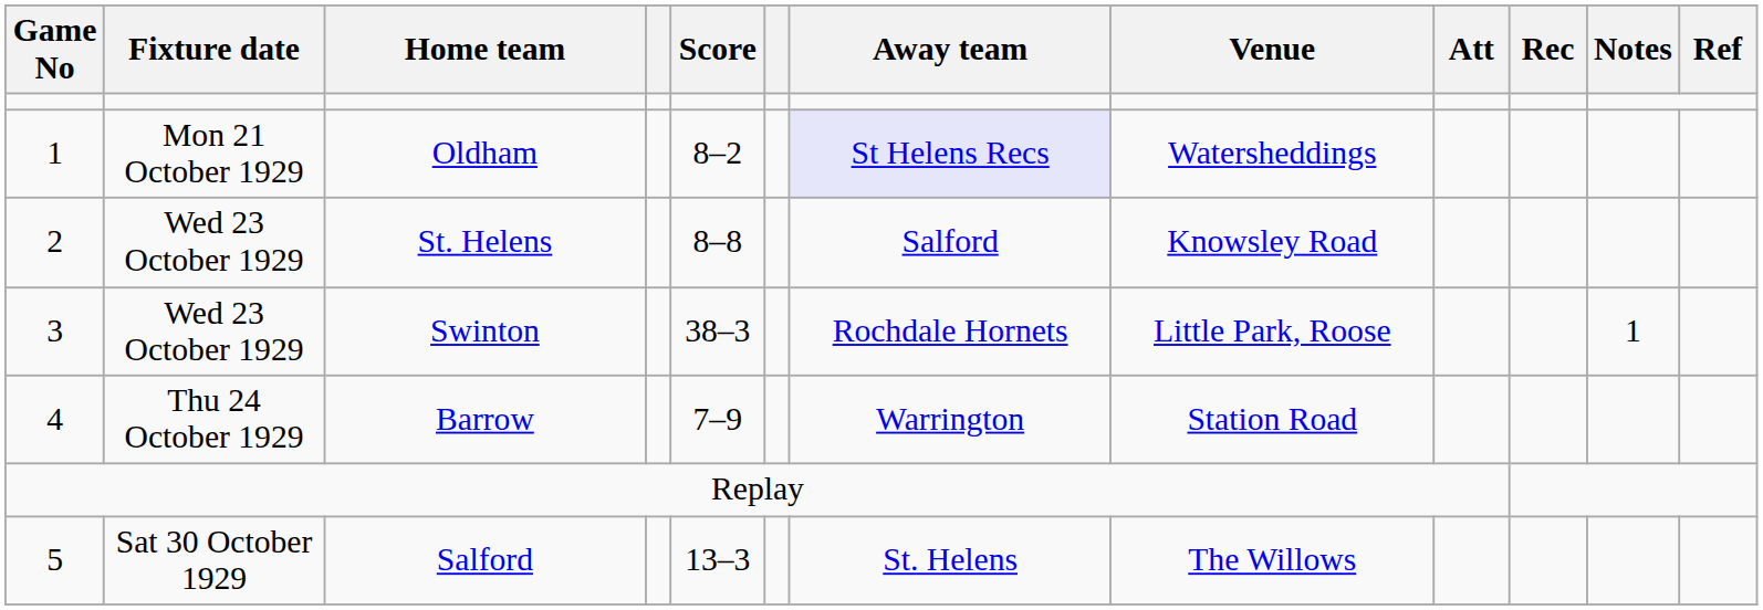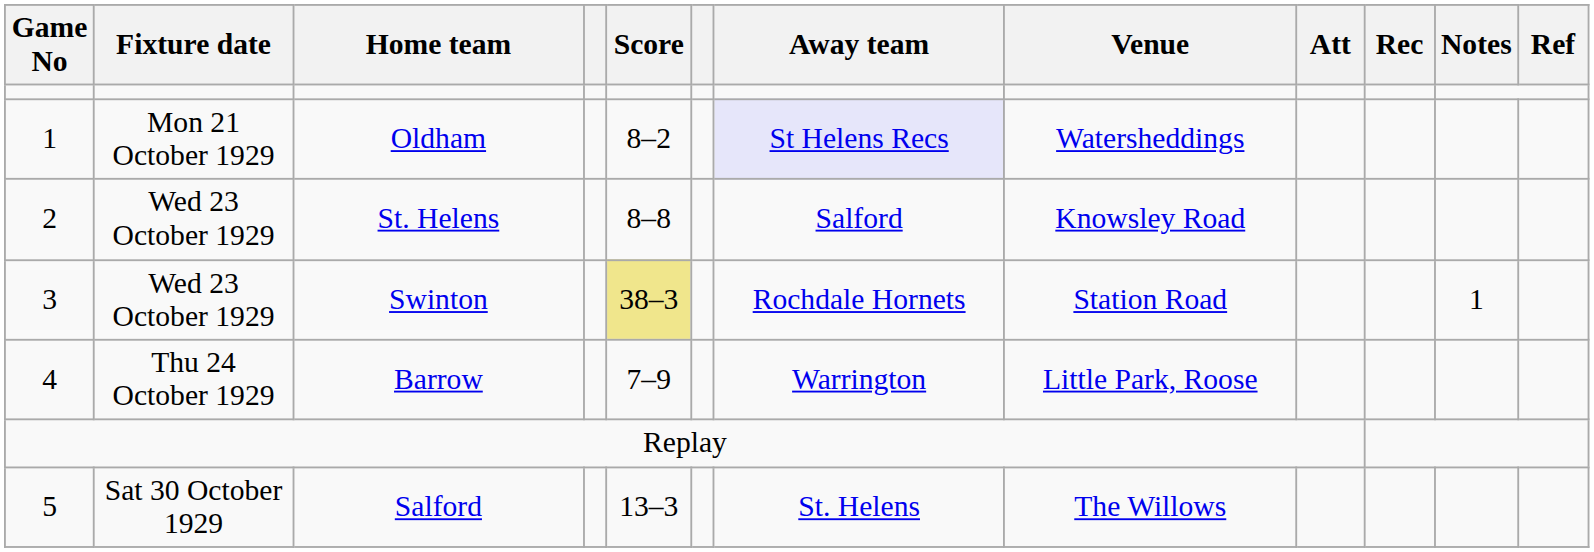 <table class="wikitable" style="text-align:center;">
 <tr>
 <th width=20 abbr="No">Game No</th>
 <th width=100 abbr="Date">Fixture date</th>
 <th width=150 abbr="Home team">Home team</th>
 <th width=5 abbr="space"></th>
 <th width=20 abbr="Score">Score</th>
 <th width=5 abbr="space"></th>
 <th width=150 abbr="Away team">Away team</th>
 <th width=150 abbr="Venue">Venue</th>
 <th width=30 abbr="Att">Att</th>
 <th width=30 abbr="Rec">Rec</th>
 <th width=20 abbr="Notes">Notes</th>
 <th width=30 abbr="Ref">Ref</th>
 </tr>
 <tr>
 <td></td>
 <td></td>
 <td></td>
 <td></td>
 <td></td>
 <td></td>
 <td></td>
 <td></td>
 <td></td>
 <td></td>
 </tr>
 <tr>
 <td>1</td>
 <td>Mon 21 October 1929</td>
 <td><a href='#'>Oldham</a></td>
 <td></td>
 <td>8–2</td>
 <td></td>
 <td style="background: lavender;"><a href='#'>St Helens Recs</a></td>
 <td><a href='#'>Watersheddings</a></td>
 <td></td>
 <td></td>
 <td></td>
 <td></td>
 </tr>
 <tr>
 <td>2</td>
 <td>Wed 23 October 1929</td>
 <td><a href='#'>St. Helens</a></td>
 <td></td>
 <td>8–8</td>
 <td></td>
 <td><a href='#'>Salford</a></td>
 <td><a href='#'>Knowsley Road</a></td>
 <td></td>
 <td></td>
 <td></td>
 <td></td>
 </tr>
 <tr>
 <td>3</td>
 <td>Wed 23 October 1929</td>
 <td><a href='#'>Swinton</a></td>
 <td></td>
-<td>38–3</td>
+<td style="background: khaki;">38–3</td>
 <td></td>
 <td><a href='#'>Rochdale Hornets</a></td>
-<td><a href='#'>Little Park, Roose</a></td>
+<td><a href='#'>Station Road</a></td>
 <td></td>
 <td></td>
 <td>1</td>
 <td></td>
 </tr>
 <tr>
 <td>4</td>
 <td>Thu 24 October 1929</td>
 <td><a href='#'>Barrow</a></td>
 <td></td>
 <td>7–9</td>
 <td></td>
 <td><a href='#'>Warrington</a></td>
-<td><a href='#'>Station Road</a></td>
+<td><a href='#'>Little Park, Roose</a></td>
 <td></td>
 <td></td>
 <td></td>
 <td></td>
 </tr>
 <tr>
 <td colspan=9>Replay</td>
 </tr>
 <tr>
 <td>5</td>
 <td>Sat 30 October 1929</td>
 <td><a href='#'>Salford</a></td>
 <td></td>
 <td>13–3</td>
 <td></td>
 <td><a href='#'>St. Helens</a></td>
 <td><a href='#'>The Willows</a></td>
 <td></td>
 <td></td>
 <td></td>
 <td></td>
 </tr>
 </table>
